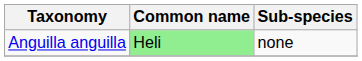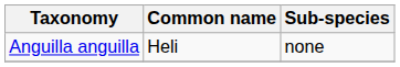 <table class="wikitable">
 <tr>
 <th>Taxonomy</th>
 <th>Common name</th>
 <th>Sub-species</th>
 </tr>
 <tr>
 <td><a href='#'>Anguilla anguilla</a></td>
-<td style="background: lightgreen;">Heli</td>
+<td>Heli</td>
 <td>none</td>
 </tr>
 <tr>
 </tr>
 </table>
